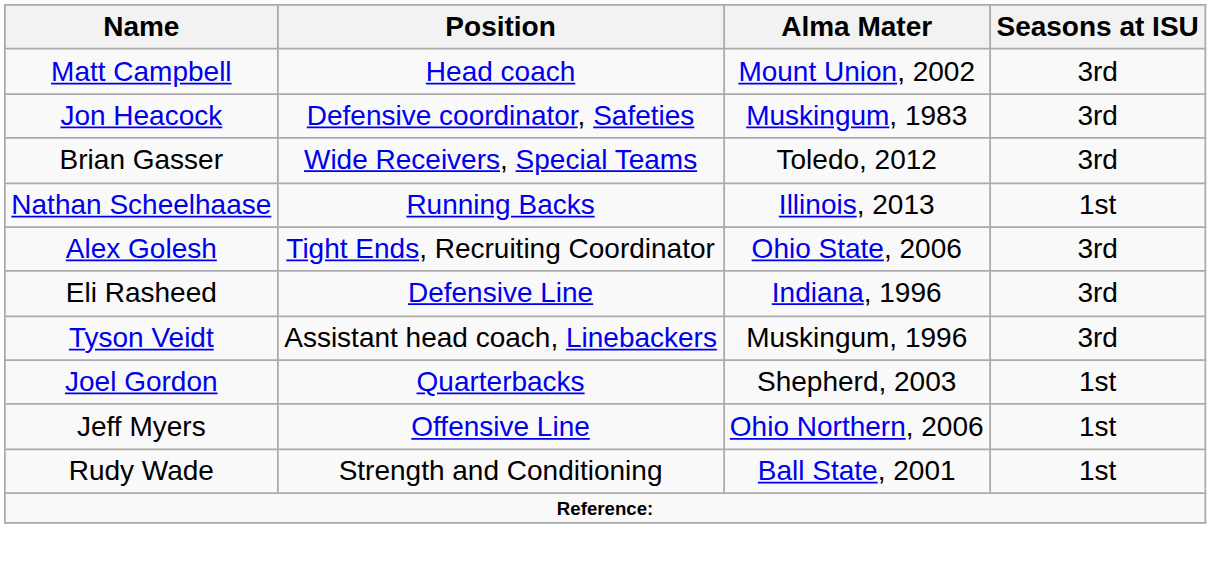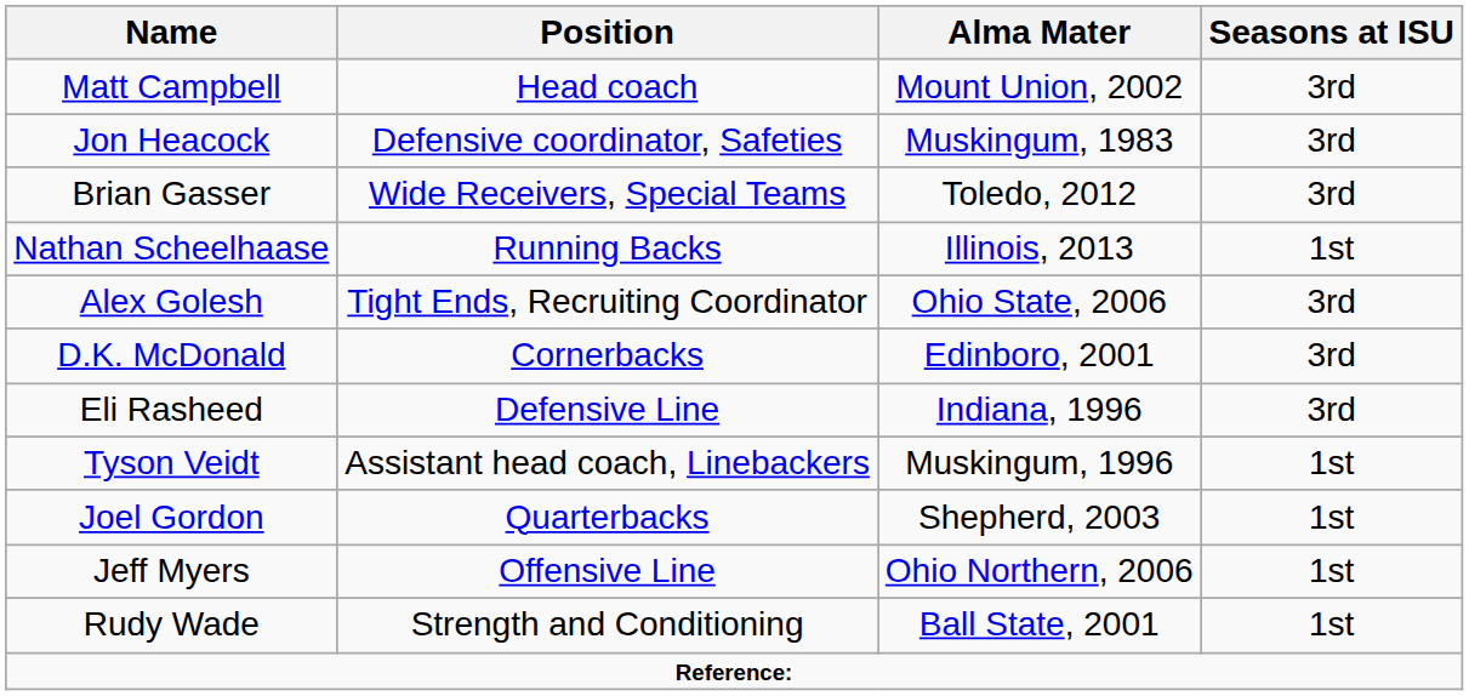 <table class="wikitable" style="text-align: center">
 <tr align=center>
 <th>Name</th>
 <th>Position</th>
 <th>Alma Mater</th>
 <th>Seasons at ISU</th>
 </tr>
 <tr>
 <td><a href='#'>Matt Campbell</a></td>
 <td><a href='#'>Head coach</a></td>
 <td><a href='#'>Mount Union</a>, 2002</td>
 <td align=center>3rd</td>
 </tr>
 <tr>
 <td><a href='#'>Jon Heacock</a></td>
 <td><a href='#'>Defensive coordinator</a>, <a href='#'>Safeties</a></td>
 <td><a href='#'>Muskingum</a>, 1983</td>
 <td align=center>3rd</td>
 </tr>
 <tr>
 <td>Brian Gasser</td>
 <td><a href='#'>Wide Receivers</a>, <a href='#'>Special Teams</a></td>
 <td>Toledo, 2012</td>
 <td align=center>3rd</td>
 </tr>
 <tr>
 <td><a href='#'>Nathan Scheelhaase</a></td>
 <td><a href='#'>Running Backs</a></td>
 <td><a href='#'>Illinois</a>, 2013</td>
 <td align=center>1st</td>
 </tr>
 <tr>
 <td><a href='#'>Alex Golesh</a></td>
 <td><a href='#'>Tight Ends</a>, Recruiting Coordinator</td>
 <td><a href='#'>Ohio State</a>, 2006</td>
 <td align=center>3rd</td>
 </tr>
 <tr>
+<td><a href='#'>D.K. McDonald</a></td>
+<td><a href='#'>Cornerbacks</a></td>
+<td><a href='#'>Edinboro</a>, 2001</td>
+<td align=center>3rd</td>
+</tr>
+<tr>
 <td>Eli Rasheed</td>
 <td><a href='#'>Defensive Line</a></td>
 <td><a href='#'>Indiana</a>, 1996</td>
 <td align=center>3rd</td>
 </tr>
 <tr>
 <td><a href='#'>Tyson Veidt</a></td>
 <td>Assistant head coach, <a href='#'>Linebackers</a></td>
 <td>Muskingum, 1996</td>
-<td align=center>3rd</td>
+<td align=center>1st</td>
 </tr>
 <tr>
 <td><a href='#'>Joel Gordon</a></td>
 <td><a href='#'>Quarterbacks</a></td>
 <td>Shepherd, 2003</td>
 <td align=center>1st</td>
 </tr>
 <tr>
 <td>Jeff Myers</td>
 <td><a href='#'>Offensive Line</a></td>
 <td><a href='#'>Ohio Northern</a>, 2006</td>
 <td align=center>1st</td>
 </tr>
 <tr>
 <td>Rudy Wade</td>
 <td>Strength and Conditioning</td>
 <td><a href='#'>Ball State</a>, 2001</td>
 <td align=center>1st</td>
 </tr>
 <tr>
 <td colspan="4"  style="font-size:8pt; text-align:center;"><strong>Reference:</strong></td>
 </tr>
 </table>
